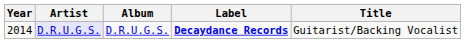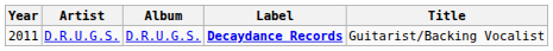 <table class="wikitable sortable">
 <tr>
 <th>Year</th>
 <th>Artist</th>
 <th>Album</th>
 <th>Label</th>
 <th>Title</th>
 </tr>
 <tr>
-<td>2014</td>
-<td style="background: lavender;"><a href='#'>D.R.U.G.S.</a></td>
+<td>2011</td>
+<td><a href='#'>D.R.U.G.S.</a></td>
 <td><a href='#'>D.R.U.G.S.</a></td>
 <td><strong><a href='#'>Decaydance Records</a></strong></td>
 <td>Guitarist/Backing Vocalist</td>
 </tr>
 </table>
